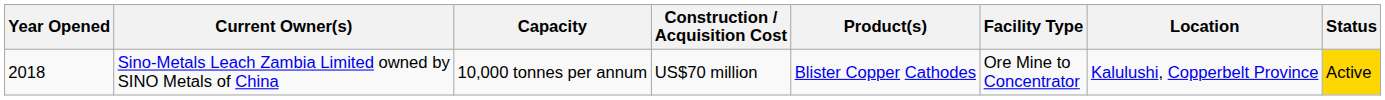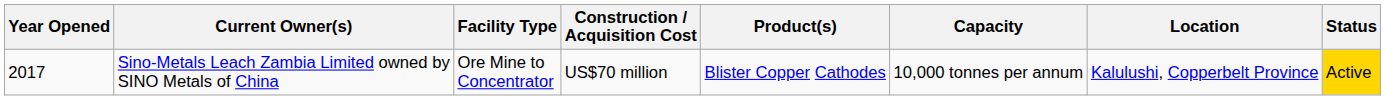 <table class="wikitable">
 <tr>
 <th>Year Opened</th>
 <th>Current Owner(s)</th>
-<th>Capacity</th>
+<th>Facility Type</th>
 <th>Construction /<br>Acquisition Cost</th>
 <th>Product(s)</th>
-<th>Facility Type</th>
+<th>Capacity</th>
 <th>Location</th>
 <th>Status</th>
 </tr>
 <tr>
-<td>2018</td>
+<td>2017</td>
 <td><a href='#'>Sino-Metals Leach Zambia Limited</a> owned by<br>SINO Metals of <a href='#'>China</a></td>
-<td>10,000 tonnes per annum</td>
+<td>Ore Mine to<br><a href='#'>Concentrator</a></td>
 <td>US$70 million</td>
 <td><a href='#'>Blister Copper</a> <a href='#'>Cathodes</a></td>
-<td>Ore Mine to<br><a href='#'>Concentrator</a></td>
+<td>10,000 tonnes per annum</td>
 <td><a href='#'>Kalulushi</a>, <a href='#'>Copperbelt Province</a></td>
 <td style="background: gold;">Active</td>
 </tr>
 </table>
